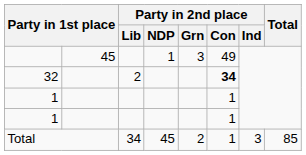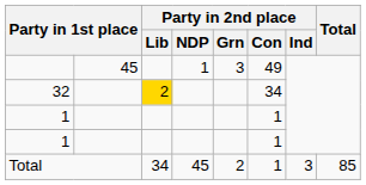 <table class="wikitable" style="text-align:right;">
 <tr>
 <th rowspan="2" colspan="2" style="text-align:left;">Party in 1st place</th>
 <th colspan="5">Party in 2nd place</th>
 <th rowspan="2">Total</th>
 </tr>
 <tr>
 <th>Lib</th>
 <th>NDP</th>
 <th>Grn</th>
 <th>Con</th>
 <th>Ind</th>
 </tr>
 <tr>
 <td></td>
 <td>45</td>
 <td></td>
 <td>1</td>
 <td>3</td>
 <td>49</td>
 </tr>
 <tr>
 <td>32</td>
 <td></td>
-<td>2</td>
+<td style="background: gold;">2</td>
 <td></td>
 <td></td>
-<td><strong>34</strong></td>
+<td>34</td>
 </tr>
 <tr>
 <td>1</td>
 <td></td>
 <td></td>
 <td></td>
 <td></td>
 <td>1</td>
 </tr>
 <tr>
 <td>1</td>
 <td></td>
 <td></td>
 <td></td>
 <td></td>
 <td>1</td>
 </tr>
 <tr>
 <td colspan="2" style="text-align:left;">Total</td>
 <td>34</td>
 <td>45</td>
 <td>2</td>
 <td>1</td>
 <td>3</td>
 <td>85</td>
 </tr>
 </table>
